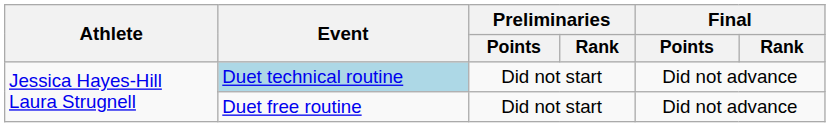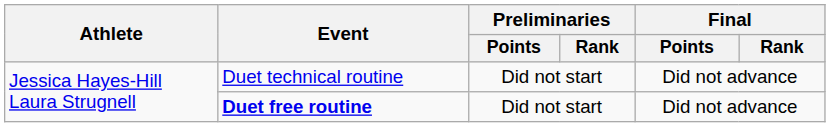 <table class="wikitable" style="text-align:center; font-size:90%; width:50%;">
 <tr>
 <th rowspan="2">Athlete</th>
 <th rowspan="2">Event</th>
 <th colspan="2">Preliminaries</th>
 <th colspan="2">Final</th>
 </tr>
 <tr style="font-size:95%">
 <th>Points</th>
 <th>Rank</th>
 <th>Points</th>
 <th>Rank</th>
 </tr>
 <tr>
 <td align=left rowspan=2><a href='#'>Jessica Hayes-Hill</a><br><a href='#'>Laura Strugnell</a></td>
-<td align=left style="background: lightblue;"><a href='#'>Duet technical routine</a></td>
+<td align=left><a href='#'>Duet technical routine</a></td>
 <td colspan=2>Did not start</td>
 <td colspan=2>Did not advance</td>
 </tr>
 <tr>
-<td align=left><a href='#'>Duet free routine</a></td>
+<td align=left><strong><a href='#'>Duet free routine</a></strong></td>
 <td colspan=2>Did not start</td>
 <td colspan=2>Did not advance</td>
 </tr>
 </table>
